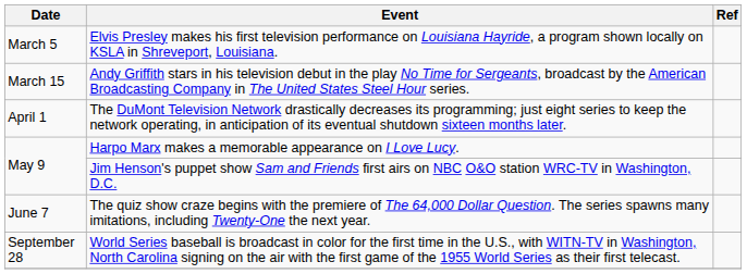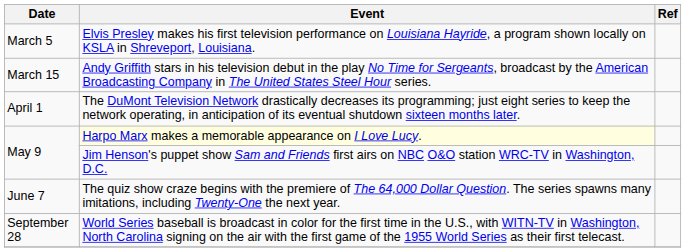 <table class="wikitable sortable">
 <tr>
 <th>Date</th>
 <th>Event</th>
 <th>Ref</th>
 </tr>
 <tr>
 <td>March 5</td>
 <td><a href='#'>Elvis Presley</a> makes his first television performance on <em><a href='#'>Louisiana Hayride</a></em>, a program shown locally on <a href='#'>KSLA</a> in <a href='#'>Shreveport</a>, <a href='#'>Louisiana</a>.</td>
 <td></td>
 </tr>
 <tr>
 <td>March 15</td>
 <td><a href='#'>Andy Griffith</a> stars in his television debut in the play <em><a href='#'>No Time for Sergeants</a></em>, broadcast by the <a href='#'>American Broadcasting Company</a> in <em><a href='#'>The United States Steel Hour</a></em> series.</td>
 <td></td>
 </tr>
 <tr>
 <td>April 1</td>
 <td>The <a href='#'>DuMont Television Network</a> drastically decreases its programming; just eight series to keep the network operating, in anticipation of its eventual shutdown <a href='#'>sixteen months later</a>.</td>
 <td></td>
 </tr>
 <tr>
 <td rowspan=2>May 9</td>
-<td><a href='#'>Harpo Marx</a> makes a memorable appearance on <em><a href='#'>I Love Lucy</a></em>.</td>
+<td style="background: lightyellow;"><a href='#'>Harpo Marx</a> makes a memorable appearance on <em><a href='#'>I Love Lucy</a></em>.</td>
 <td></td>
 </tr>
 <tr>
 <td><a href='#'>Jim Henson</a>'s puppet show <em><a href='#'>Sam and Friends</a></em> first airs on <a href='#'>NBC</a> <a href='#'>O&O</a> station <a href='#'>WRC-TV</a> in <a href='#'>Washington, D.C.</a></td>
 <td></td>
 </tr>
 <tr>
 <td>June 7</td>
 <td>The quiz show craze begins with the premiere of <em><a href='#'>The 64,000 Dollar Question</a></em>. The series spawns many imitations, including <em><a href='#'>Twenty-One</a></em> the next year.</td>
 <td></td>
 </tr>
 <tr>
 <td>September 28</td>
 <td><a href='#'>World Series</a> baseball is broadcast in color for the first time in the U.S., with <a href='#'>WITN-TV</a> in <a href='#'>Washington, North Carolina</a> signing on the air with the first game of the <a href='#'>1955 World Series</a> as their first telecast.</td>
 <td></td>
 </tr>
 <tr>
 </tr>
 </table>
